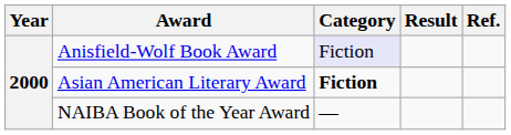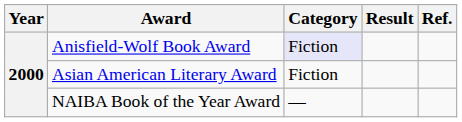 <table class="wikitable sortable">
 <tr>
 <th>Year</th>
 <th>Award</th>
 <th>Category</th>
 <th>Result</th>
 <th>Ref.</th>
 </tr>
 <tr>
 <th rowspan="3">2000</th>
 <td><a href='#'>Anisfield-Wolf Book Award</a></td>
 <td style="background: lavender;">Fiction</td>
 <td></td>
 <td></td>
 </tr>
 <tr>
 <td><a href='#'>Asian American Literary Award</a></td>
-<td><strong>Fiction</strong></td>
+<td>Fiction</td>
 <td></td>
 <td></td>
 </tr>
 <tr>
 <td>NAIBA Book of the Year Award</td>
 <td>—</td>
 <td></td>
 <td></td>
 </tr>
 </table>
